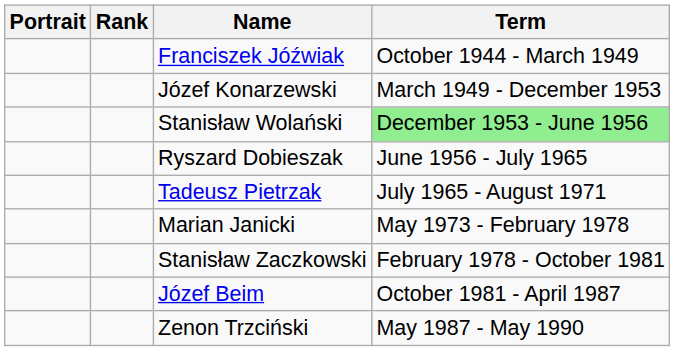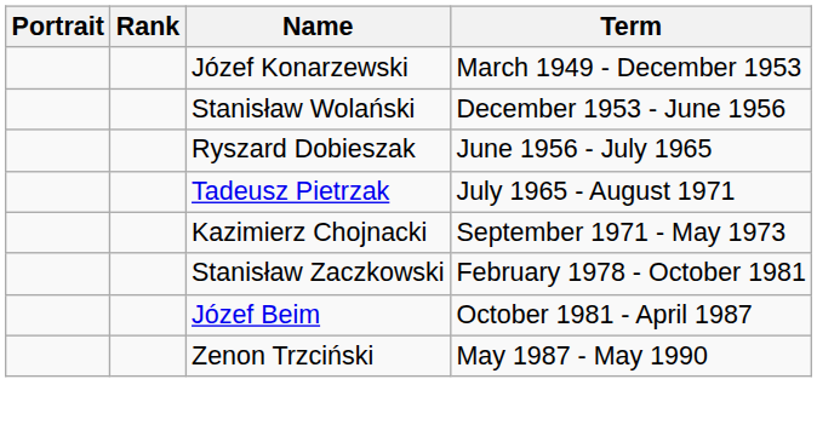 <table class="wikitable" style="display: inline-table;">
 <tr>
 <th>Portrait</th>
 <th>Rank</th>
 <th>Name</th>
 <th>Term</th>
-</tr>
-<tr>
-<td></td>
-<td></td>
-<td><a href='#'>Franciszek Jóźwiak</a></td>
-<td>October 1944 - March 1949</td>
 </tr>
 <tr>
 <td></td>
 <td></td>
 <td>Józef Konarzewski</td>
 <td>March 1949 - December 1953</td>
 </tr>
 <tr>
 <td></td>
 <td></td>
 <td>Stanisław Wolański</td>
-<td style="background: lightgreen;">December 1953 - June 1956</td>
+<td>December 1953 - June 1956</td>
 </tr>
 <tr>
 <td></td>
 <td></td>
 <td>Ryszard Dobieszak</td>
 <td>June 1956 - July 1965</td>
 </tr>
 <tr>
 <td></td>
 <td></td>
 <td><a href='#'>Tadeusz Pietrzak</a></td>
 <td>July 1965 - August 1971</td>
 </tr>
 <tr>
 <td></td>
 <td></td>
-<td>Marian Janicki</td>
-<td>May 1973 - February 1978</td>
+<td>Kazimierz Chojnacki</td>
+<td>September 1971 - May 1973</td>
 </tr>
 <tr>
 <td></td>
 <td></td>
 <td>Stanisław Zaczkowski</td>
 <td>February 1978 - October 1981</td>
 </tr>
 <tr>
 <td></td>
 <td></td>
 <td><a href='#'>Józef Beim</a></td>
 <td>October 1981 - April 1987</td>
 </tr>
 <tr>
 <td></td>
 <td></td>
 <td>Zenon Trzciński</td>
 <td>May 1987 - May 1990</td>
 </tr>
 </table>
